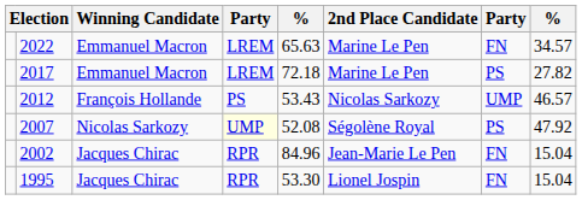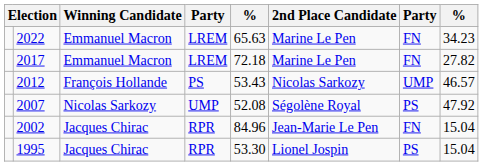 <table class="wikitable">
 <tr>
 <th colspan="2">Election</th>
 <th>Winning Candidate</th>
 <th>Party</th>
 <th>%</th>
 <th>2nd Place Candidate</th>
 <th>Party</th>
 <th>%</th>
 </tr>
 <tr>
 <td style="background-color: "></td>
 <td><a href='#'>2022</a></td>
 <td><a href='#'>Emmanuel Macron</a></td>
 <td><a href='#'>LREM</a></td>
 <td>65.63</td>
 <td><a href='#'>Marine Le Pen</a></td>
 <td><a href='#'>FN</a></td>
-<td>34.57</td>
+<td>34.23</td>
 </tr>
 <tr>
 <td style="background-color: "></td>
 <td><a href='#'>2017</a></td>
 <td><a href='#'>Emmanuel Macron</a></td>
 <td><a href='#'>LREM</a></td>
 <td>72.18</td>
 <td><a href='#'>Marine Le Pen</a></td>
-<td><a href='#'>PS</a></td>
+<td><a href='#'>FN</a></td>
 <td>27.82</td>
 </tr>
 <tr>
 <td style="background-color: "></td>
 <td><a href='#'>2012</a></td>
 <td><a href='#'>François Hollande</a></td>
 <td><a href='#'>PS</a></td>
 <td>53.43</td>
 <td><a href='#'>Nicolas Sarkozy</a></td>
 <td><a href='#'>UMP</a></td>
 <td>46.57</td>
 </tr>
 <tr>
 <td style="background-color: "></td>
 <td><a href='#'>2007</a></td>
 <td><a href='#'>Nicolas Sarkozy</a></td>
-<td style="background: lightyellow;"><a href='#'>UMP</a></td>
+<td><a href='#'>UMP</a></td>
 <td>52.08</td>
 <td><a href='#'>Ségolène Royal</a></td>
 <td><a href='#'>PS</a></td>
 <td>47.92</td>
 </tr>
 <tr>
 <td style="background-color: "></td>
 <td><a href='#'>2002</a></td>
 <td><a href='#'>Jacques Chirac</a></td>
 <td><a href='#'>RPR</a></td>
 <td>84.96</td>
 <td><a href='#'>Jean-Marie Le Pen</a></td>
 <td><a href='#'>FN</a></td>
 <td>15.04</td>
 </tr>
 <tr>
 <td style="background-color: "></td>
 <td><a href='#'>1995</a></td>
 <td><a href='#'>Jacques Chirac</a></td>
 <td><a href='#'>RPR</a></td>
 <td>53.30</td>
 <td><a href='#'>Lionel Jospin</a></td>
-<td><a href='#'>FN</a></td>
+<td><a href='#'>PS</a></td>
 <td>15.04</td>
 </tr>
 </table>
